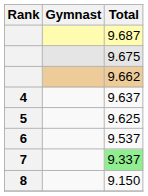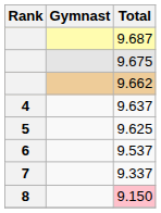 <table class="wikitable sortable" style="text-align:center; font-size:95%">
 <tr>
 <th scope=col>Rank</th>
 <th scope=col>Gymnast</th>
 <th scope=col>Total</th>
 </tr>
 <tr bgcolor=fffcaf>
 <th scope=row style="text-align:center"></th>
 <td align=left></td>
 <td>9.687</td>
 </tr>
 <tr bgcolor=e5e5e5>
 <th scope=row style="text-align:center"></th>
 <td align=left></td>
 <td>9.675</td>
 </tr>
 <tr bgcolor=eecc99>
 <th scope=row style="text-align:center"></th>
 <td align=left></td>
 <td>9.662</td>
 </tr>
 <tr>
 <th scope=row style="text-align:center">4</th>
 <td align=left></td>
 <td>9.637</td>
 </tr>
 <tr>
 <th scope=row style="text-align:center">5</th>
 <td align=left></td>
 <td>9.625</td>
 </tr>
 <tr>
 <th scope=row style="text-align:center">6</th>
 <td align=left></td>
 <td>9.537</td>
 </tr>
 <tr>
 <th scope=row style="text-align:center">7</th>
 <td align=left></td>
-<td style="background: lightgreen;">9.337</td>
+<td>9.337</td>
 </tr>
 <tr>
 <th scope=row style="text-align:center">8</th>
 <td align=left></td>
-<td>9.150</td>
+<td style="background: pink;">9.150</td>
 </tr>
 <tr>
 </tr>
 </table>
